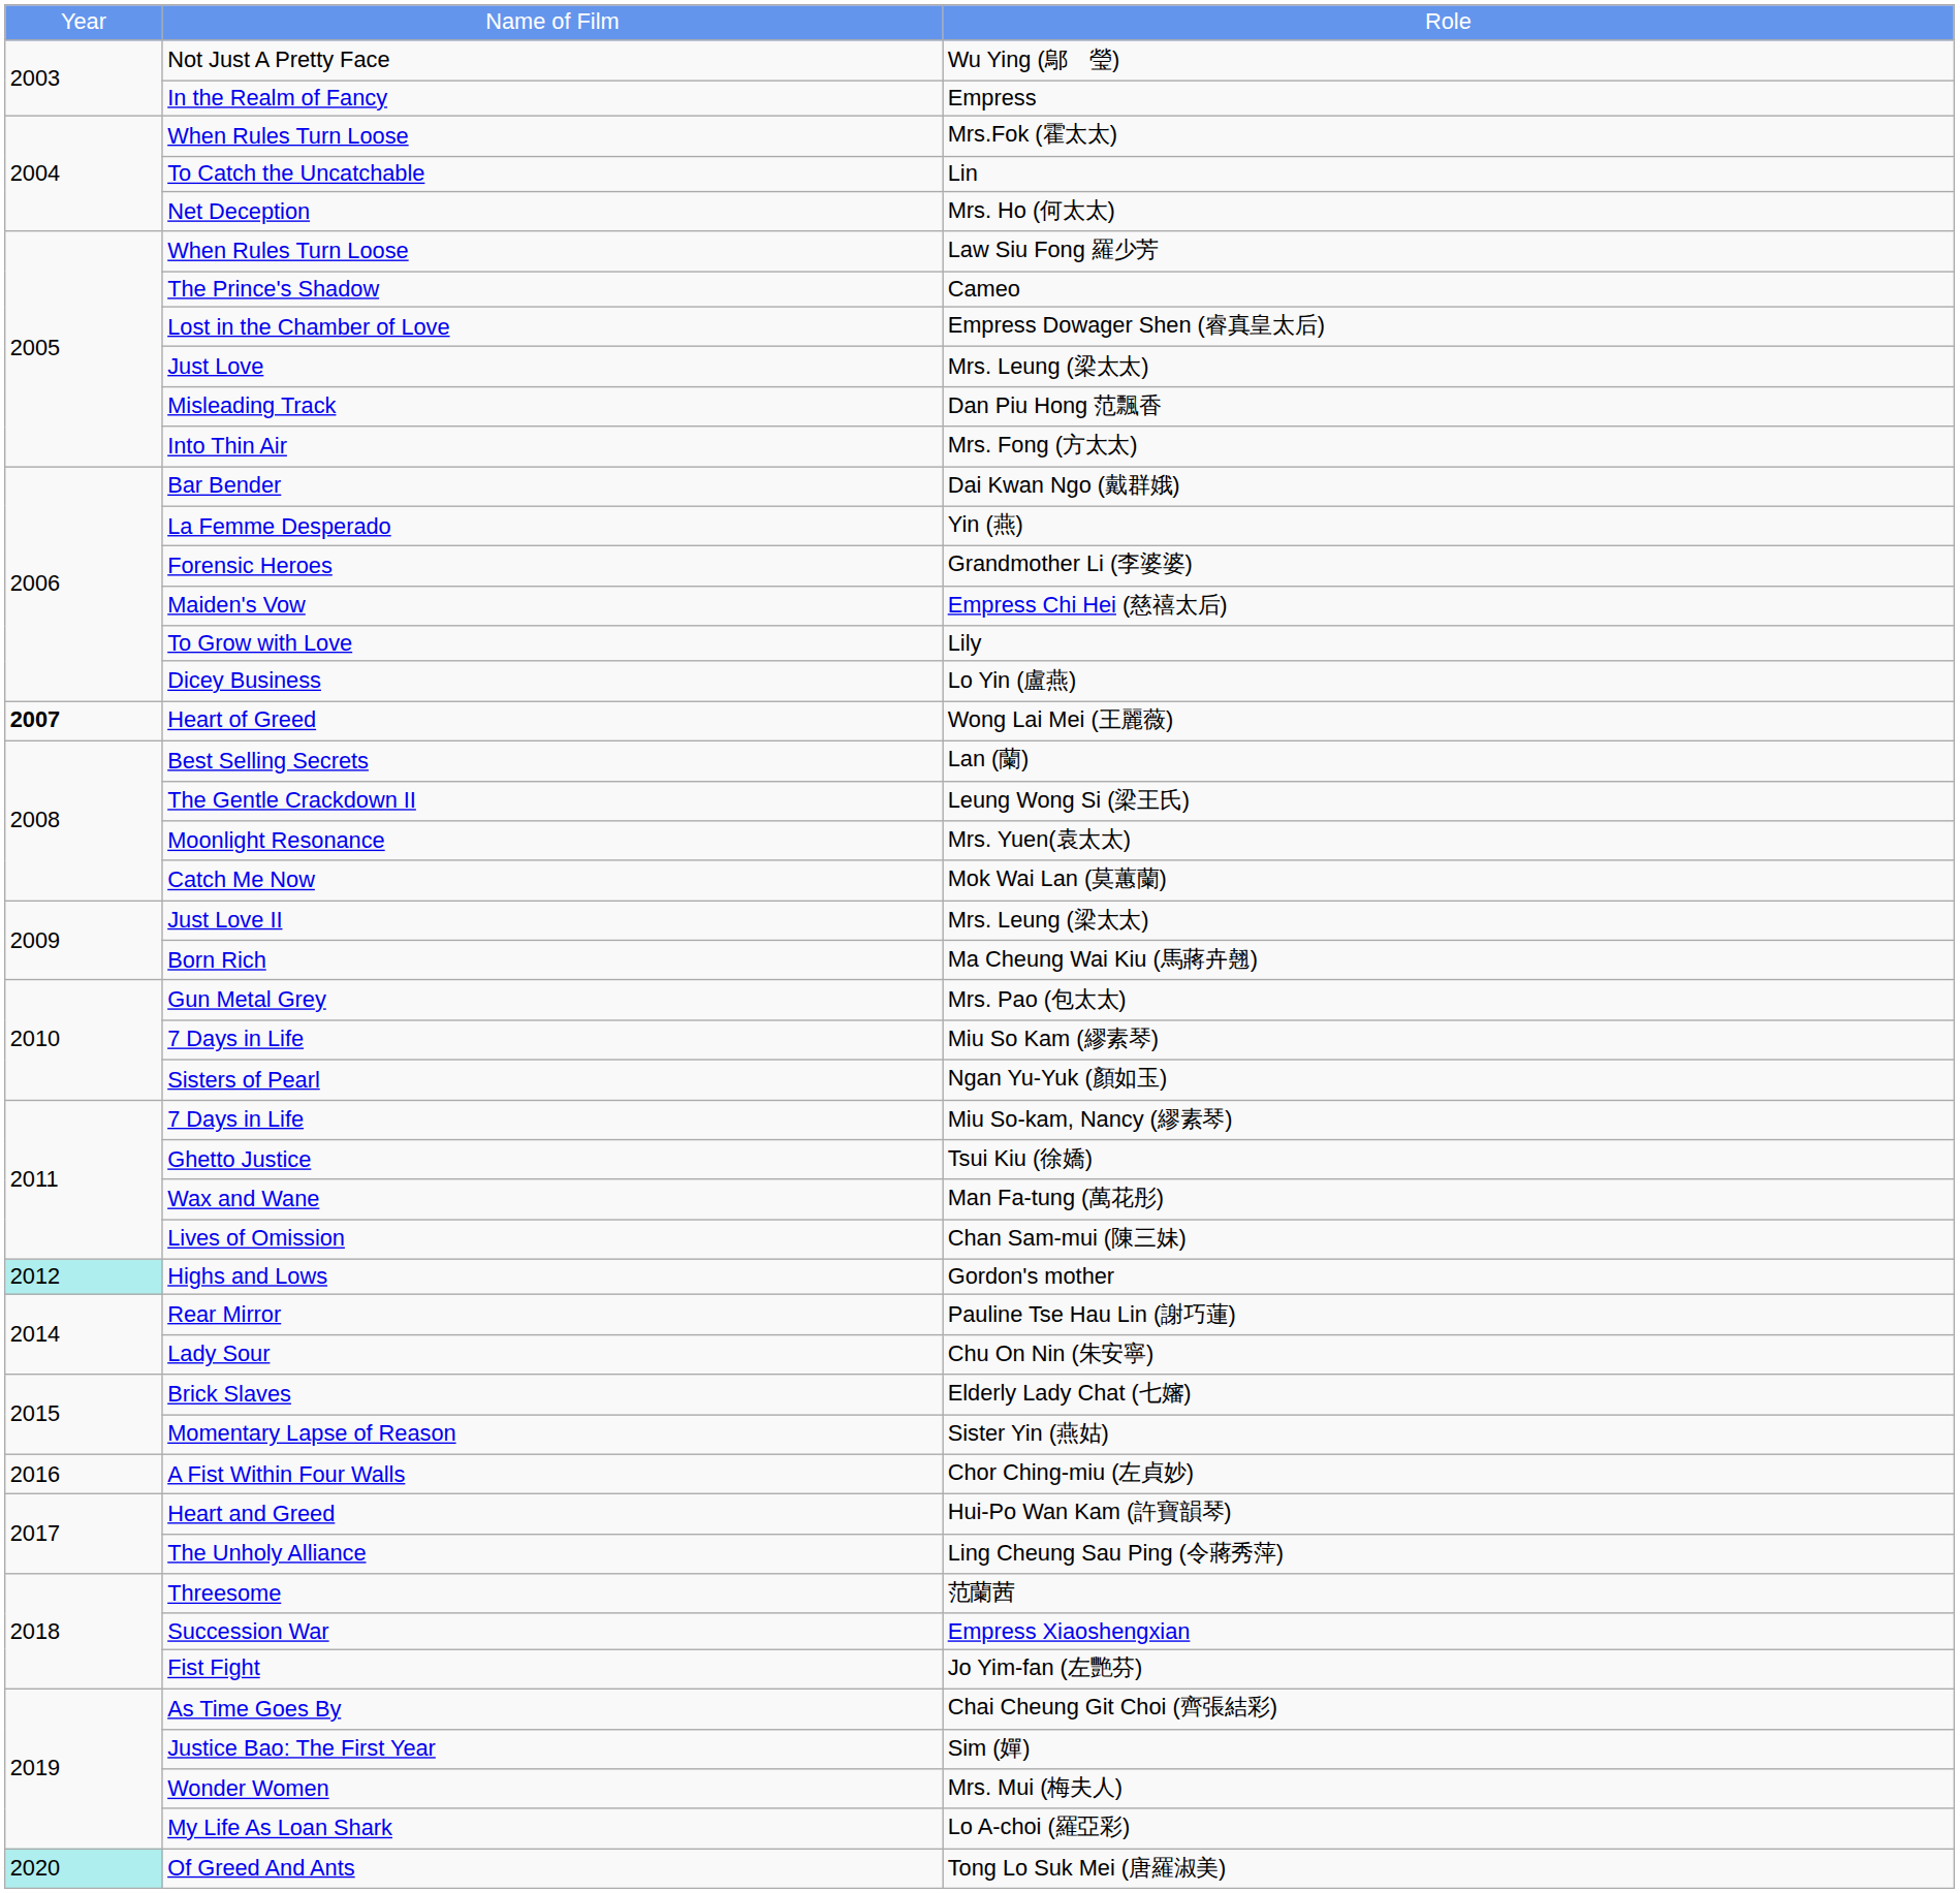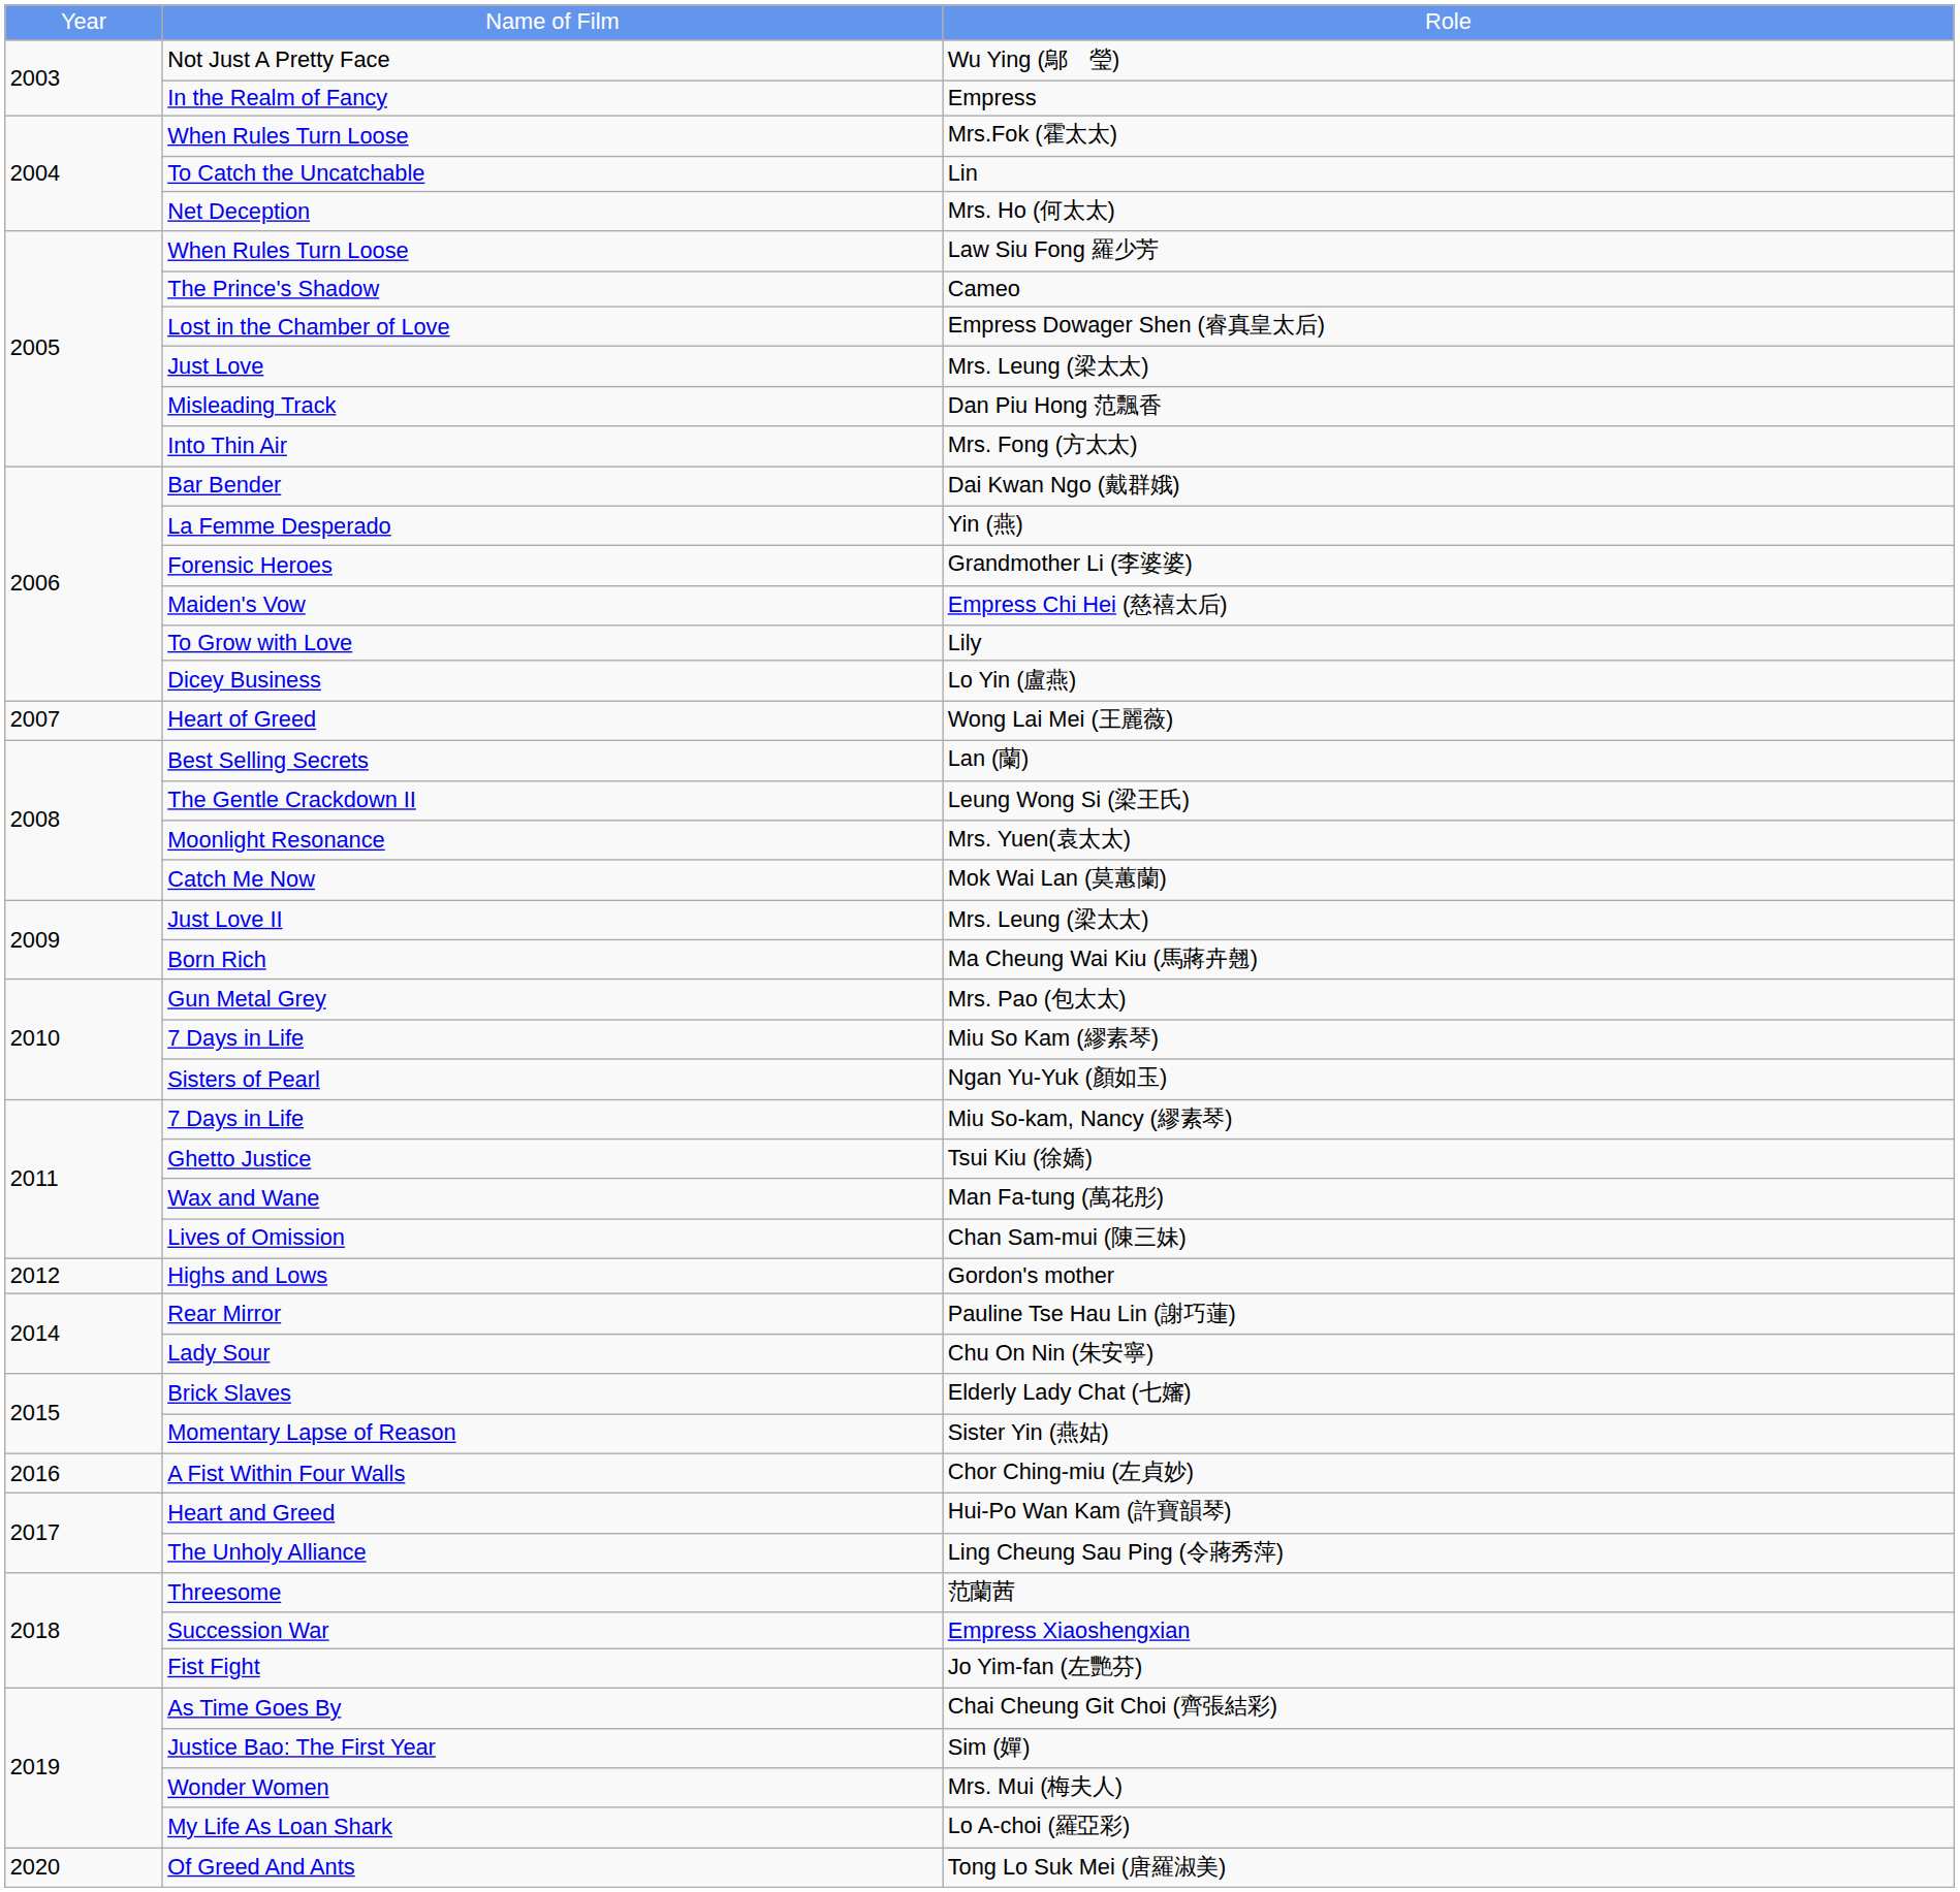 <table class="wikitable" width="70%">
 <tr style="background:cornflowerblue; color:white" align=center>
 <td>Year</td>
 <td>Name of Film</td>
 <td>Role</td>
 </tr>
 <tr>
 <td rowspan="2">2003</td>
 <td>Not Just A Pretty Face</td>
 <td>Wu Ying (鄔　瑩)</td>
 </tr>
 <tr>
 <td><a href='#'>In the Realm of Fancy</a></td>
 <td>Empress</td>
 </tr>
 <tr>
 <td rowspan="3">2004</td>
 <td><a href='#'>When Rules Turn Loose</a></td>
 <td>Mrs.Fok (霍太太)</td>
 </tr>
 <tr>
 <td><a href='#'>To Catch the Uncatchable</a></td>
 <td>Lin</td>
 </tr>
 <tr>
 <td><a href='#'>Net Deception</a></td>
 <td>Mrs. Ho (何太太)</td>
 </tr>
 <tr>
 <td rowspan="6">2005</td>
 <td><a href='#'>When Rules Turn Loose</a></td>
 <td>Law Siu Fong 羅少芳</td>
 </tr>
 <tr>
 <td><a href='#'>The Prince's Shadow</a></td>
 <td>Cameo</td>
 </tr>
 <tr>
 <td><a href='#'>Lost in the Chamber of Love</a></td>
 <td>Empress Dowager Shen (睿真皇太后)</td>
 </tr>
 <tr>
 <td><a href='#'>Just Love</a></td>
 <td>Mrs. Leung (梁太太)</td>
 </tr>
 <tr>
 <td><a href='#'>Misleading Track</a></td>
 <td>Dan Piu Hong 范飄香</td>
 </tr>
 <tr>
 <td><a href='#'>Into Thin Air</a></td>
 <td>Mrs. Fong (方太太)</td>
 </tr>
 <tr>
 <td rowspan="6">2006</td>
 <td><a href='#'>Bar Bender</a></td>
 <td>Dai Kwan Ngo (戴群娥)</td>
 </tr>
 <tr>
 <td><a href='#'>La Femme Desperado</a></td>
 <td>Yin (燕)</td>
 </tr>
 <tr>
 <td><a href='#'>Forensic Heroes</a></td>
 <td>Grandmother Li (李婆婆)</td>
 </tr>
 <tr>
 <td><a href='#'>Maiden's Vow</a></td>
 <td><a href='#'>Empress Chi Hei</a> (慈禧太后)</td>
 </tr>
 <tr>
 <td><a href='#'>To Grow with Love</a></td>
 <td>Lily</td>
 </tr>
 <tr>
 <td><a href='#'>Dicey Business</a></td>
 <td>Lo Yin (盧燕)</td>
 </tr>
 <tr>
-<td><strong>2007</strong></td>
+<td>2007</td>
 <td><a href='#'>Heart of Greed</a></td>
 <td>Wong Lai Mei (王麗薇)</td>
 </tr>
 <tr>
 <td rowspan="4">2008</td>
 <td><a href='#'>Best Selling Secrets</a></td>
 <td>Lan (蘭)</td>
 </tr>
 <tr>
 <td><a href='#'>The Gentle Crackdown II</a></td>
 <td>Leung Wong Si (梁王氏)</td>
 </tr>
 <tr>
 <td><a href='#'>Moonlight Resonance</a></td>
 <td>Mrs. Yuen(袁太太)</td>
 </tr>
 <tr>
 <td><a href='#'>Catch Me Now</a></td>
 <td>Mok Wai Lan (莫蕙蘭)</td>
 </tr>
 <tr>
 <td rowspan="2">2009</td>
 <td><a href='#'>Just Love II</a></td>
 <td>Mrs. Leung (梁太太)</td>
 </tr>
 <tr>
 <td><a href='#'>Born Rich</a></td>
 <td>Ma Cheung Wai Kiu (馬蔣卉翹)</td>
 </tr>
 <tr>
 <td rowspan="3">2010</td>
 <td><a href='#'>Gun Metal Grey</a></td>
 <td>Mrs. Pao (包太太)</td>
 </tr>
 <tr>
 <td><a href='#'>7 Days in Life</a></td>
 <td>Miu So Kam (繆素琴)</td>
 </tr>
 <tr>
 <td><a href='#'>Sisters of Pearl</a></td>
 <td>Ngan Yu-Yuk (顏如玉)</td>
 </tr>
 <tr>
 <td rowspan="4">2011</td>
 <td><a href='#'>7 Days in Life</a></td>
 <td>Miu So-kam, Nancy (繆素琴)</td>
 </tr>
 <tr>
 <td><a href='#'>Ghetto Justice</a></td>
 <td>Tsui Kiu (徐嬌)</td>
 </tr>
 <tr>
 <td><a href='#'>Wax and Wane</a></td>
 <td>Man Fa-tung (萬花彤)</td>
 </tr>
 <tr>
 <td><a href='#'>Lives of Omission</a></td>
 <td>Chan Sam-mui (陳三妹)</td>
 </tr>
 <tr>
-<td style="background: paleturquoise;">2012</td>
+<td>2012</td>
 <td><a href='#'>Highs and Lows</a></td>
 <td>Gordon's mother</td>
 </tr>
 <tr>
 <td rowspan="2">2014</td>
 <td><a href='#'>Rear Mirror</a></td>
 <td>Pauline Tse Hau Lin (謝巧蓮)</td>
 </tr>
 <tr>
 <td><a href='#'>Lady Sour</a></td>
 <td>Chu On Nin (朱安寧)</td>
 </tr>
 <tr>
 <td rowspan="2">2015</td>
 <td><a href='#'>Brick Slaves</a></td>
 <td>Elderly Lady Chat (七嬸)</td>
 </tr>
 <tr>
 <td><a href='#'>Momentary Lapse of Reason</a></td>
 <td>Sister Yin (燕姑)</td>
 </tr>
 <tr>
 <td>2016</td>
 <td><a href='#'>A Fist Within Four Walls</a></td>
 <td>Chor Ching-miu (左貞妙)</td>
 </tr>
 <tr>
 <td rowspan="2">2017</td>
 <td><a href='#'>Heart and Greed</a></td>
 <td>Hui-Po Wan Kam (許寶韻琴)</td>
 </tr>
 <tr>
 <td><a href='#'>The Unholy Alliance</a></td>
 <td>Ling Cheung Sau Ping (令蔣秀萍)</td>
 </tr>
 <tr>
 <td rowspan="3">2018</td>
 <td><a href='#'>Threesome</a></td>
 <td>范蘭茜</td>
 </tr>
 <tr>
 <td><a href='#'>Succession War</a></td>
 <td><a href='#'>Empress Xiaoshengxian</a></td>
 </tr>
 <tr>
 <td><a href='#'>Fist Fight</a></td>
 <td>Jo Yim-fan (左艷芬)</td>
 </tr>
 <tr>
 <td rowspan="4">2019</td>
 <td><a href='#'>As Time Goes By</a></td>
 <td>Chai Cheung	Git Choi (齊張結彩)</td>
 </tr>
 <tr>
 <td><a href='#'>Justice Bao: The First Year</a></td>
 <td>Sim (嬋)</td>
 </tr>
 <tr>
 <td><a href='#'>Wonder Women</a></td>
 <td>Mrs. Mui (梅夫人)</td>
 </tr>
 <tr>
 <td><a href='#'>My Life As Loan Shark</a></td>
 <td>Lo A-choi (羅亞彩)</td>
 </tr>
 <tr>
-<td style="background: paleturquoise;">2020</td>
+<td>2020</td>
 <td><a href='#'>Of Greed And Ants</a></td>
 <td>Tong Lo Suk Mei (唐羅淑美)</td>
 </tr>
 </table>
